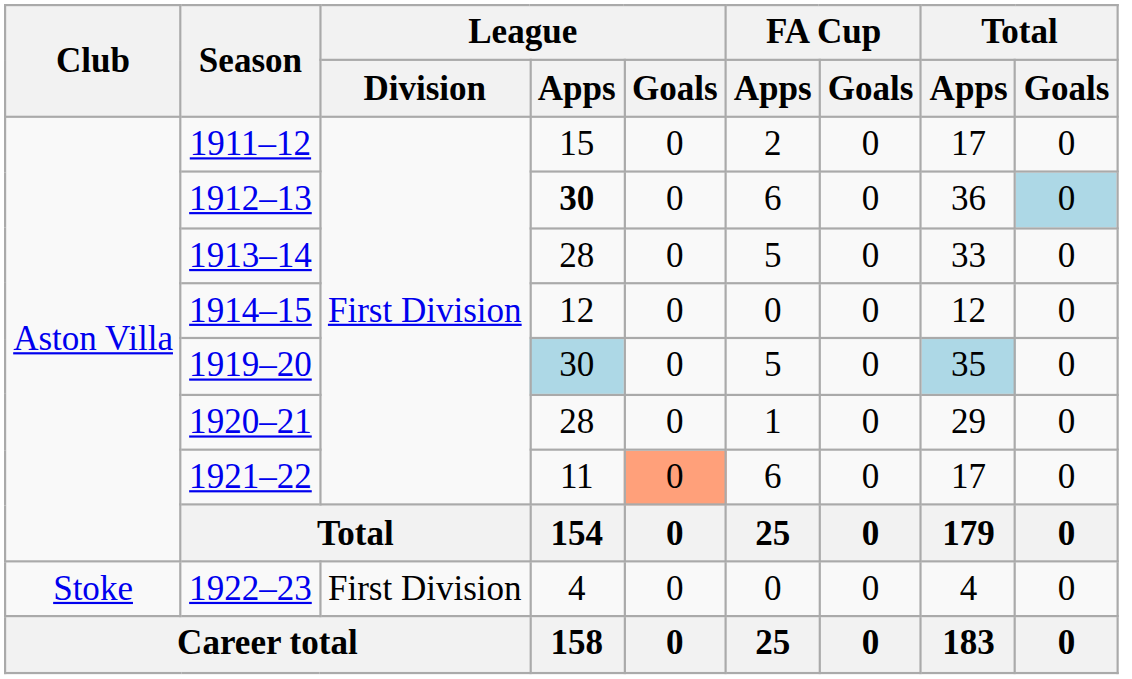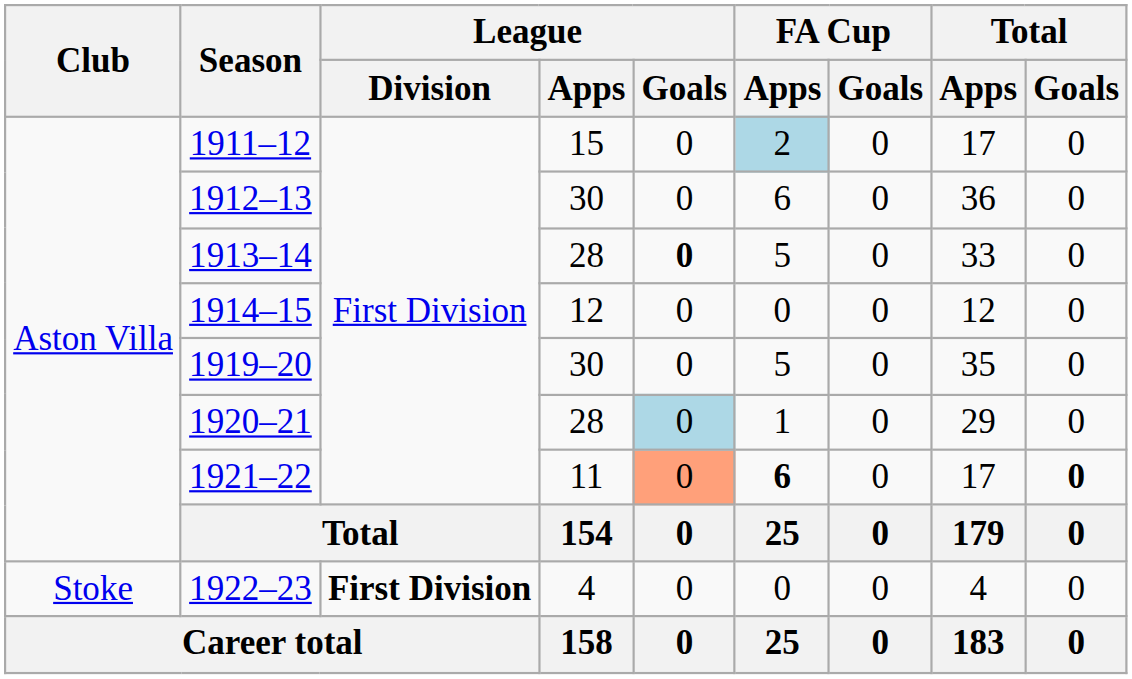 <table class="wikitable" style="text-align: center;">
 <tr>
 <th rowspan="2">Club</th>
 <th rowspan="2">Season</th>
 <th colspan="3">League</th>
 <th colspan="2">FA Cup</th>
 <th colspan="2">Total</th>
 </tr>
 <tr>
 <th>Division</th>
 <th>Apps</th>
 <th>Goals</th>
 <th>Apps</th>
 <th>Goals</th>
 <th>Apps</th>
 <th>Goals</th>
 </tr>
 <tr>
 <td rowspan="8"><a href='#'>Aston Villa</a></td>
 <td><a href='#'>1911–12</a></td>
 <td rowspan="7"><a href='#'>First Division</a></td>
 <td>15</td>
 <td>0</td>
-<td>2</td>
+<td style="background: lightblue;">2</td>
 <td>0</td>
 <td>17</td>
 <td>0</td>
 </tr>
 <tr>
 <td><a href='#'>1912–13</a></td>
-<td><strong>30</strong></td>
+<td>30</td>
 <td>0</td>
 <td>6</td>
 <td>0</td>
 <td>36</td>
-<td style="background: lightblue;">0</td>
+<td>0</td>
 </tr>
 <tr>
 <td><a href='#'>1913–14</a></td>
 <td>28</td>
-<td>0</td>
+<td><strong>0</strong></td>
 <td>5</td>
 <td>0</td>
 <td>33</td>
 <td>0</td>
 </tr>
 <tr>
 <td><a href='#'>1914–15</a></td>
 <td>12</td>
 <td>0</td>
 <td>0</td>
 <td>0</td>
 <td>12</td>
 <td>0</td>
 </tr>
 <tr>
 <td><a href='#'>1919–20</a></td>
-<td style="background: lightblue;">30</td>
+<td>30</td>
 <td>0</td>
 <td>5</td>
 <td>0</td>
-<td style="background: lightblue;">35</td>
+<td>35</td>
 <td>0</td>
 </tr>
 <tr>
 <td><a href='#'>1920–21</a></td>
 <td>28</td>
-<td>0</td>
+<td style="background: lightblue;">0</td>
 <td>1</td>
 <td>0</td>
 <td>29</td>
 <td>0</td>
 </tr>
 <tr>
 <td><a href='#'>1921–22</a></td>
 <td>11</td>
 <td style="background: lightsalmon;">0</td>
-<td>6</td>
+<td><strong>6</strong></td>
 <td>0</td>
 <td>17</td>
-<td>0</td>
+<td><strong>0</strong></td>
 </tr>
 <tr>
 <th colspan="2">Total</th>
 <th>154</th>
 <th>0</th>
 <th>25</th>
 <th>0</th>
 <th>179</th>
 <th>0</th>
 </tr>
 <tr>
 <td><a href='#'>Stoke</a></td>
 <td><a href='#'>1922–23</a></td>
-<td>First Division</td>
+<td><strong>First Division</strong></td>
 <td>4</td>
 <td>0</td>
 <td>0</td>
 <td>0</td>
 <td>4</td>
 <td>0</td>
 </tr>
 <tr>
 <th colspan="3">Career total</th>
 <th>158</th>
 <th>0</th>
 <th>25</th>
 <th>0</th>
 <th>183</th>
 <th>0</th>
 </tr>
 </table>
